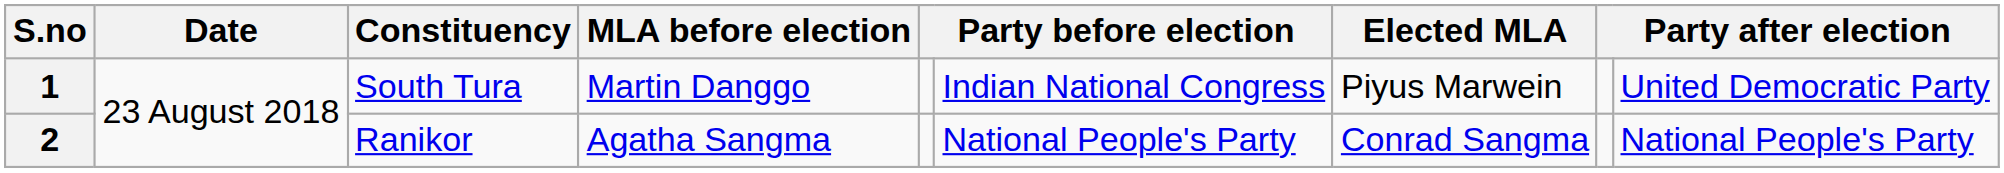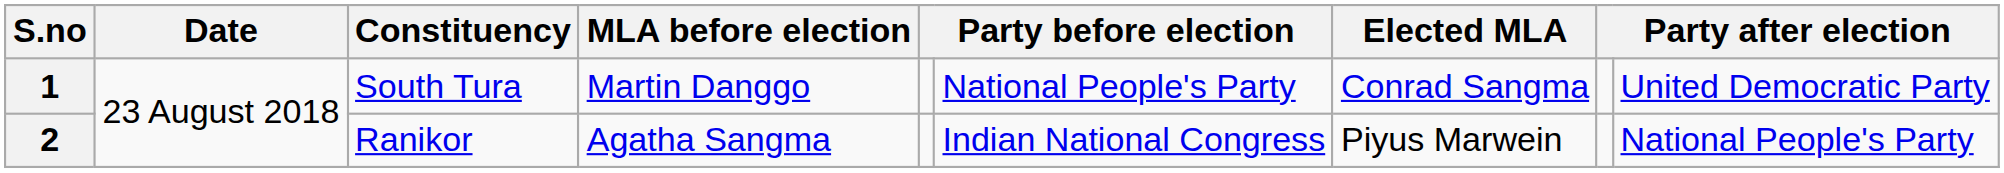 <table class="wikitable sortable">
 <tr>
 <th>S.no</th>
 <th>Date</th>
 <th>Constituency</th>
 <th>MLA before election</th>
 <th colspan="2">Party before election</th>
 <th>Elected MLA</th>
 <th colspan="2">Party after election</th>
 </tr>
 <tr>
 <th>1</th>
 <td rowspan="2">23 August 2018</td>
 <td><a href='#'>South Tura</a></td>
 <td><a href='#'>Martin Danggo</a></td>
 <td></td>
-<td><a href='#'>Indian National Congress</a></td>
-<td>Piyus Marwein</td>
+<td><a href='#'>National People's Party</a></td>
+<td><a href='#'>Conrad Sangma</a></td>
 <td></td>
 <td><a href='#'>United Democratic Party</a></td>
 </tr>
 <tr>
 <th>2</th>
 <td><a href='#'>Ranikor</a></td>
 <td><a href='#'>Agatha Sangma</a></td>
 <td></td>
-<td><a href='#'>National People's Party</a></td>
-<td><a href='#'>Conrad Sangma</a></td>
+<td><a href='#'>Indian National Congress</a></td>
+<td>Piyus Marwein</td>
 <td></td>
 <td><a href='#'>National People's Party</a></td>
 </tr>
 </table>
